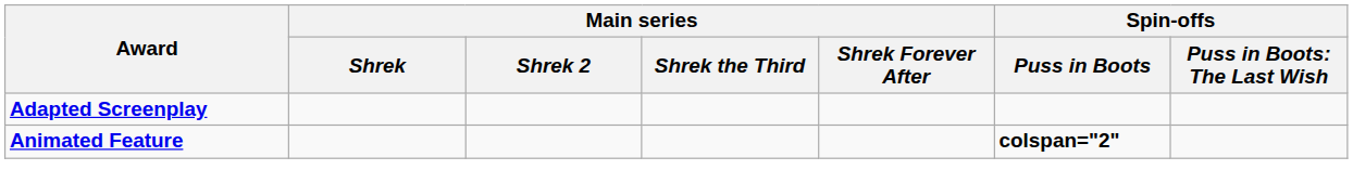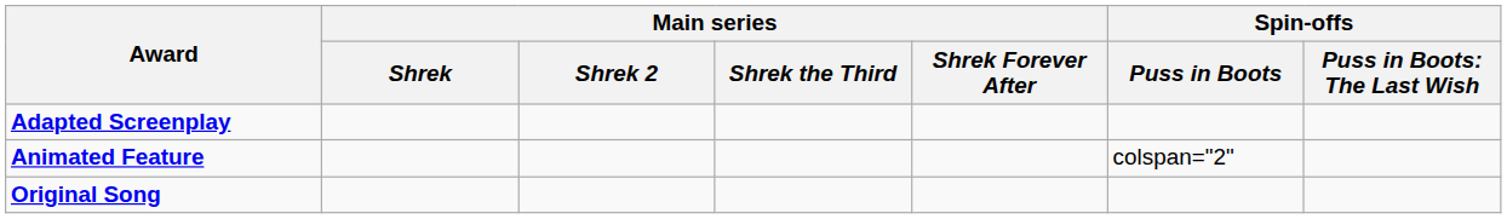 <table class="wikitable" style="margin:left;">
 <tr>
 <th style="width:214px;" rowspan="2">Award</th>
 <th colspan="4">Main series</th>
 <th colspan="2">Spin-offs</th>
 </tr>
 <tr>
 <th style="width:130px;"><em>Shrek</em></th>
 <th style="width:130px;"><em>Shrek 2</em></th>
 <th style="width:130px;"><em>Shrek the Third</em></th>
 <th style="width:130px;"><em>Shrek Forever After</em></th>
 <th style="width:130px;"><em>Puss in Boots</em></th>
 <th style="width:130px;"><em>Puss in Boots: The Last Wish</em></th>
 </tr>
 <tr>
 <td><strong><a href='#'>Adapted Screenplay</a></strong></td>
 <td></td>
 <td></td>
 <td></td>
 <td></td>
 <td></td>
 <td></td>
 </tr>
 <tr>
 <td><strong><a href='#'>Animated Feature</a></strong></td>
 <td></td>
 <td></td>
 <td></td>
 <td></td>
-<td><strong>colspan="2" </strong></td>
+<td>colspan="2" </td>
+</tr>
+<tr>
+<td><strong><a href='#'>Original Song</a></strong></td>
+<td></td>
+<td></td>
+<td></td>
+<td></td>
+<td></td>
+<td></td>
 </tr>
 </table>
